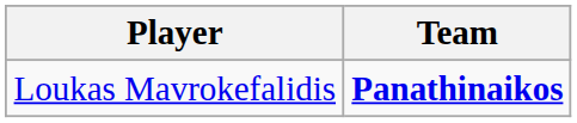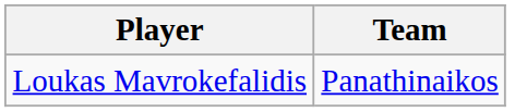 <table class="wikitable">
 <tr>
 <th>Player</th>
 <th>Team</th>
 </tr>
 <tr>
 <td> <a href='#'>Loukas Mavrokefalidis</a></td>
-<td><strong><a href='#'>Panathinaikos</a></strong></td>
+<td><a href='#'>Panathinaikos</a></td>
 </tr>
 </table>
